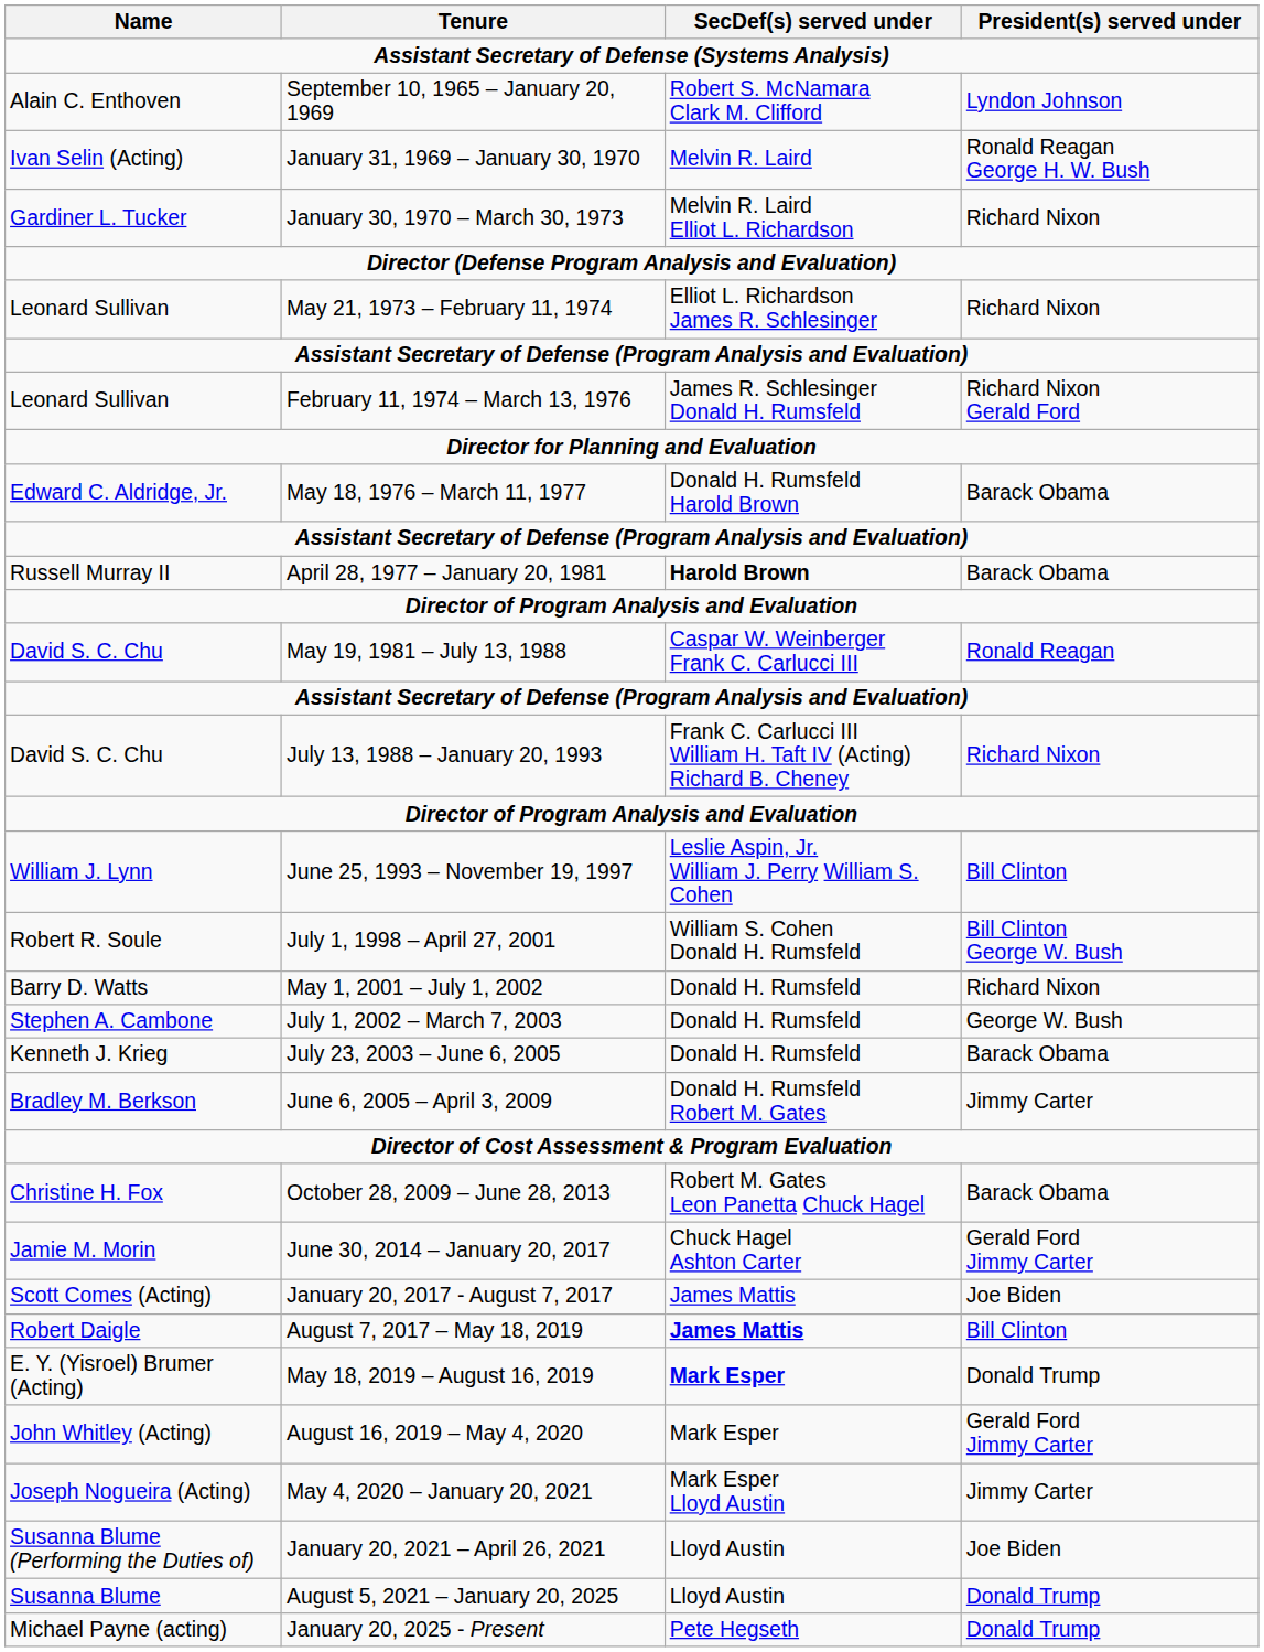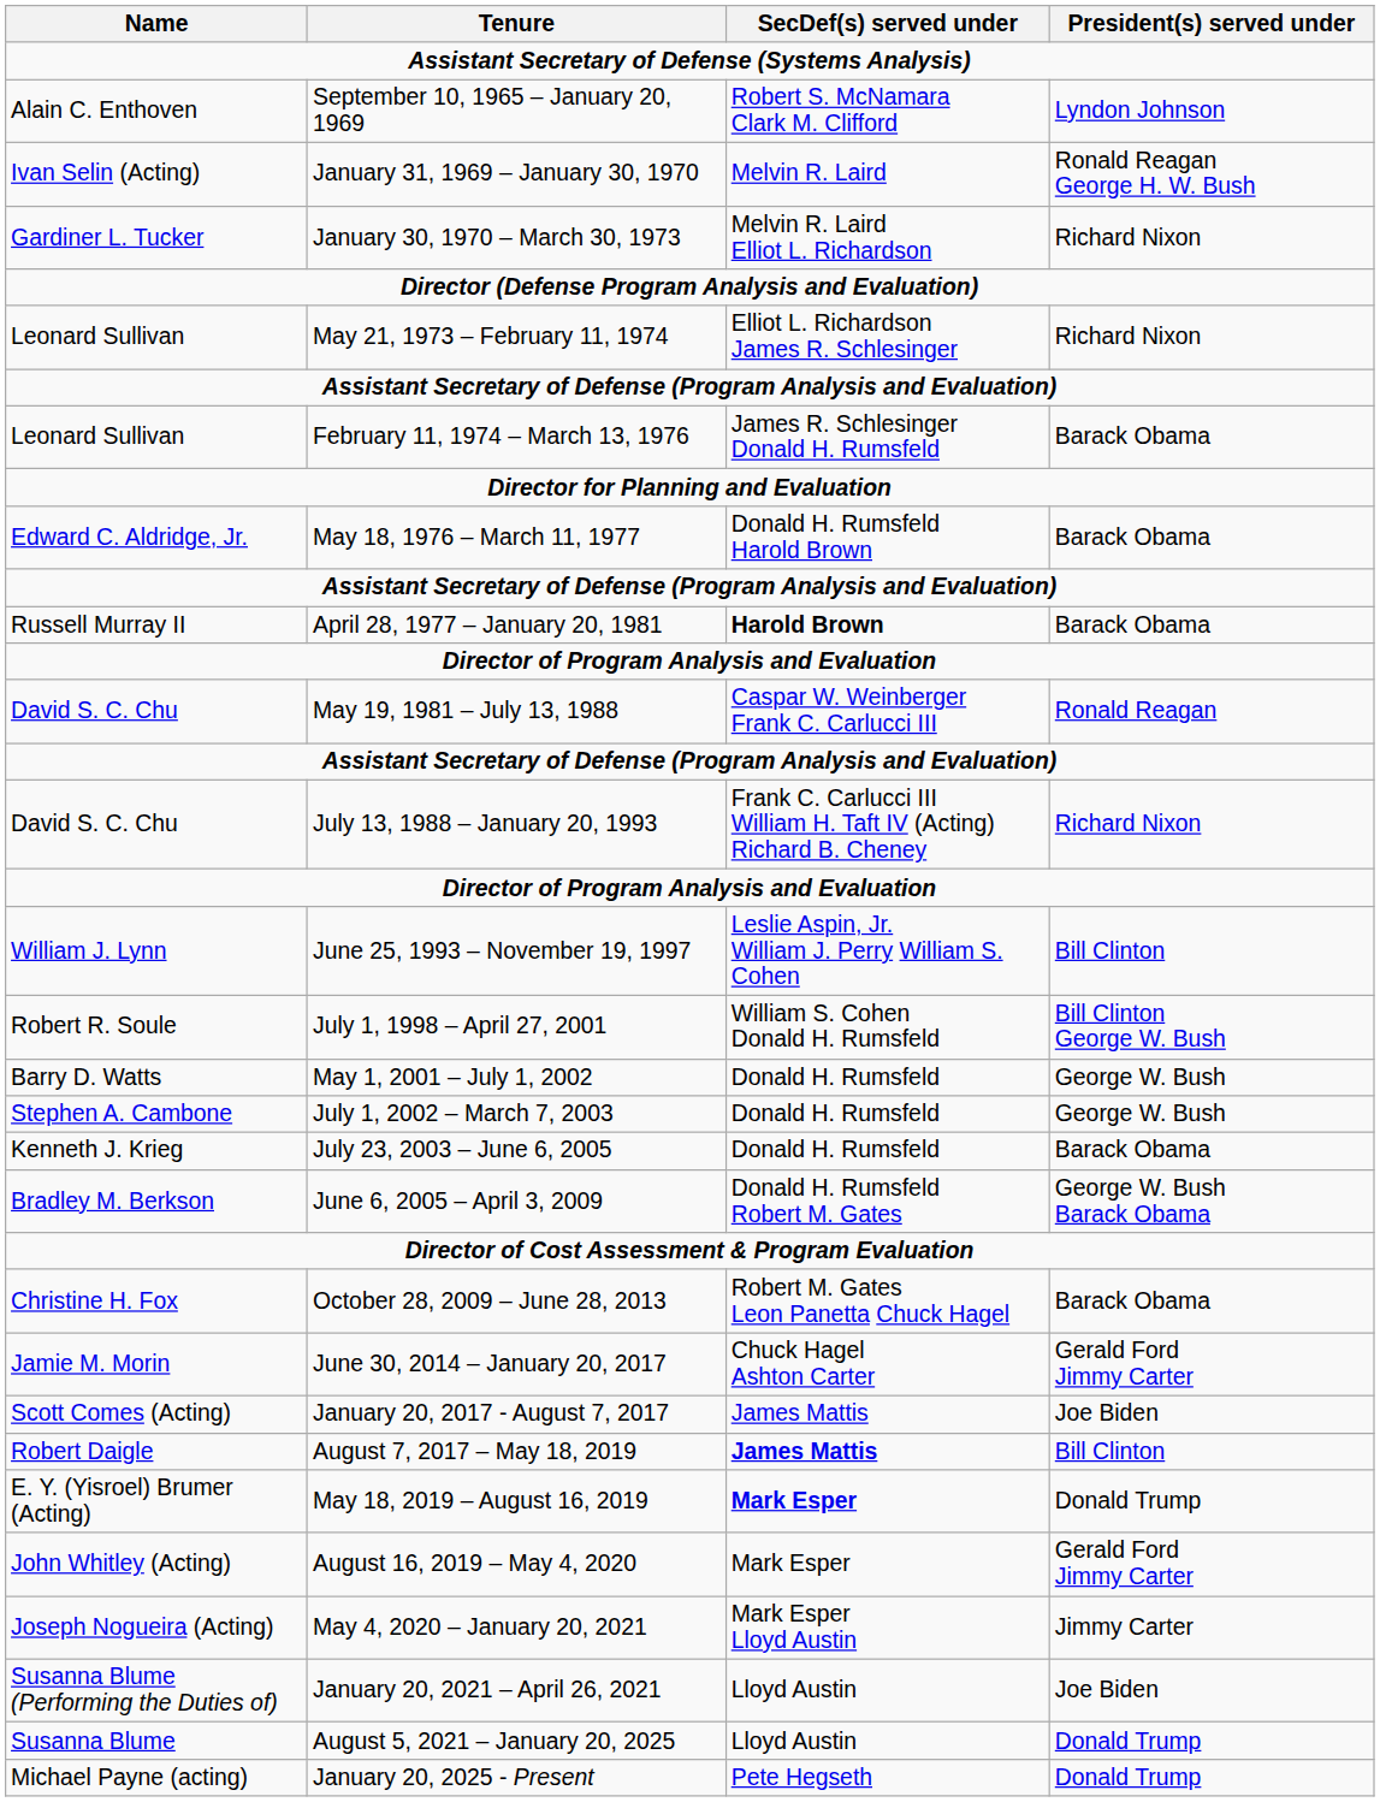 <table class="wikitable">
 <tr>
 <th scope="col" width="200">Name</th>
 <th scope="col" width="280">Tenure</th>
 <th scope="col" width="215">SecDef(s) served under</th>
 <th scope="col" width="215">President(s) served under</th>
 </tr>
 <tr>
 <td colspan="4" align="center"><strong><em> Assistant Secretary of Defense (Systems Analysis)</em></strong></td>
 </tr>
 <tr>
 <td>Alain C. Enthoven</td>
 <td>September 10, 1965 – January 20, 1969</td>
 <td><a href='#'>Robert S. McNamara</a><br><a href='#'>Clark M. Clifford</a></td>
 <td><a href='#'>Lyndon Johnson</a></td>
 </tr>
 <tr>
 <td><a href='#'>Ivan Selin</a> (Acting)</td>
 <td>January 31, 1969 – January 30, 1970</td>
 <td><a href='#'>Melvin R. Laird</a></td>
 <td>Ronald Reagan<br><a href='#'>George H. W. Bush</a></td>
 </tr>
 <tr>
 <td><a href='#'>Gardiner L. Tucker</a></td>
 <td>January 30, 1970 – March 30, 1973</td>
 <td>Melvin R. Laird<br><a href='#'>Elliot L. Richardson</a></td>
 <td>Richard Nixon</td>
 </tr>
 <tr>
 <td colspan="4" align="center"><strong><em> Director (Defense Program Analysis and Evaluation)</em></strong></td>
 </tr>
 <tr>
 <td>Leonard Sullivan</td>
 <td>May 21, 1973 – February 11, 1974</td>
 <td>Elliot L. Richardson<br><a href='#'>James R. Schlesinger</a></td>
 <td>Richard Nixon</td>
 </tr>
 <tr>
 <td colspan="4" align="center"><strong><em> Assistant Secretary of Defense (Program Analysis and Evaluation)</em></strong></td>
 </tr>
 <tr>
 <td>Leonard Sullivan</td>
 <td>February 11, 1974 – March 13, 1976</td>
 <td>James R. Schlesinger<br><a href='#'>Donald H. Rumsfeld</a></td>
-<td>Richard Nixon<br><a href='#'>Gerald Ford</a></td>
+<td>Barack Obama</td>
 </tr>
 <tr>
 <td colspan="4" align="center"><strong><em> Director for Planning and Evaluation</em></strong></td>
 </tr>
 <tr>
 <td><a href='#'>Edward C. Aldridge, Jr.</a></td>
 <td>May 18, 1976 – March 11, 1977</td>
 <td>Donald H. Rumsfeld<br><a href='#'>Harold Brown</a></td>
 <td>Barack Obama</td>
 </tr>
 <tr>
 <td colspan="4" align="center"><strong><em> Assistant Secretary of Defense (Program Analysis and Evaluation)</em></strong></td>
 </tr>
 <tr>
 <td>Russell Murray II</td>
 <td>April 28, 1977 – January 20, 1981</td>
 <td><strong>Harold Brown</strong></td>
 <td>Barack Obama</td>
 </tr>
 <tr>
 <td colspan="4" align="center"><strong><em> Director of Program Analysis and Evaluation</em></strong></td>
 </tr>
 <tr>
 <td><a href='#'>David S. C. Chu</a></td>
 <td>May 19, 1981 – July 13, 1988</td>
 <td><a href='#'>Caspar W. Weinberger</a><br><a href='#'>Frank C. Carlucci III</a></td>
 <td><a href='#'>Ronald Reagan</a></td>
 </tr>
 <tr>
 <td colspan="4" align="center"><strong><em> Assistant Secretary of Defense (Program Analysis and Evaluation)</em></strong></td>
 </tr>
 <tr>
 <td>David S. C. Chu</td>
 <td>July 13, 1988 – January 20, 1993</td>
 <td>Frank C. Carlucci III<br><a href='#'>William H. Taft IV</a> (Acting)  <a href='#'>Richard B. Cheney</a></td>
 <td><a href='#'>Richard Nixon</a></td>
 </tr>
 <tr>
 <td colspan="4" align="center"><strong><em>Director of Program Analysis and Evaluation</em></strong></td>
 </tr>
 <tr>
 <td><a href='#'>William J. Lynn</a></td>
 <td>June 25, 1993 – November 19, 1997</td>
 <td><a href='#'>Leslie Aspin, Jr.</a><br><a href='#'>William J. Perry</a>  <a href='#'>William S. Cohen</a></td>
 <td><a href='#'>Bill Clinton</a></td>
 </tr>
 <tr>
 <td>Robert R. Soule</td>
 <td>July 1, 1998 – April 27, 2001</td>
 <td>William S. Cohen<br>Donald H. Rumsfeld</td>
 <td><a href='#'>Bill Clinton</a><br><a href='#'>George W. Bush</a></td>
 </tr>
 <tr>
 <td>Barry D. Watts</td>
 <td>May 1, 2001 – July 1, 2002</td>
 <td>Donald H. Rumsfeld</td>
-<td>Richard Nixon</td>
+<td>George W. Bush</td>
 </tr>
 <tr>
 <td><a href='#'>Stephen A. Cambone</a></td>
 <td>July 1, 2002 – March 7, 2003</td>
 <td>Donald H. Rumsfeld</td>
 <td>George W. Bush</td>
 </tr>
 <tr>
 <td>Kenneth J. Krieg</td>
 <td>July 23, 2003 – June 6, 2005</td>
 <td>Donald H. Rumsfeld</td>
 <td>Barack Obama</td>
 </tr>
 <tr>
 <td><a href='#'>Bradley M. Berkson</a></td>
 <td>June 6, 2005 – April 3, 2009</td>
 <td>Donald H. Rumsfeld<br><a href='#'>Robert M. Gates</a></td>
-<td>Jimmy Carter</td>
+<td>George W. Bush<br><a href='#'>Barack Obama</a></td>
 </tr>
 <tr>
 <td colspan="4" align="center"><strong><em>Director of Cost Assessment & Program Evaluation</em></strong></td>
 </tr>
 <tr>
 <td><a href='#'>Christine H. Fox</a></td>
 <td>October 28, 2009 – June 28, 2013</td>
 <td>Robert M. Gates<br><a href='#'>Leon Panetta</a>  <a href='#'>Chuck Hagel</a></td>
 <td>Barack Obama</td>
 </tr>
 <tr>
 <td><a href='#'>Jamie M. Morin</a></td>
 <td>June 30, 2014 – January 20, 2017</td>
 <td>Chuck Hagel<br><a href='#'>Ashton Carter</a></td>
 <td>Gerald Ford<br><a href='#'>Jimmy Carter</a></td>
 </tr>
 <tr>
 <td><a href='#'>Scott Comes</a> (Acting)</td>
 <td>January 20, 2017 - August 7, 2017</td>
 <td><a href='#'>James Mattis</a></td>
 <td>Joe Biden</td>
 </tr>
 <tr>
 <td><a href='#'>Robert Daigle</a></td>
 <td>August 7, 2017 – May 18, 2019</td>
 <td><strong><a href='#'>James Mattis</a></strong></td>
 <td><a href='#'>Bill Clinton</a></td>
 </tr>
 <tr>
 <td>E. Y. (Yisroel) Brumer (Acting)</td>
 <td>May 18, 2019 – August 16, 2019</td>
 <td><strong><a href='#'>Mark Esper</a></strong></td>
 <td>Donald Trump</td>
 </tr>
 <tr>
 <td><a href='#'>John Whitley</a> (Acting)</td>
 <td>August 16, 2019 – May 4, 2020</td>
 <td>Mark Esper</td>
 <td>Gerald Ford<br><a href='#'>Jimmy Carter</a></td>
 </tr>
 <tr>
 <td><a href='#'>Joseph Nogueira</a> (Acting)</td>
 <td>May 4, 2020 – January 20, 2021</td>
 <td>Mark Esper<br><a href='#'>Lloyd Austin</a></td>
 <td>Jimmy Carter</td>
 </tr>
 <tr>
 <td><a href='#'>Susanna Blume</a> <em>(Performing the Duties of)</em></td>
 <td>January 20, 2021 – April 26, 2021</td>
 <td>Lloyd Austin</td>
 <td>Joe Biden</td>
 </tr>
 <tr>
 <td><a href='#'>Susanna Blume</a></td>
 <td>August 5, 2021 – January 20, 2025</td>
 <td>Lloyd Austin</td>
 <td><a href='#'>Donald Trump</a></td>
 </tr>
 <tr>
 <td>Michael Payne (acting)</td>
 <td>January 20, 2025 - <em>Present</em></td>
 <td><a href='#'>Pete Hegseth</a></td>
 <td><a href='#'>Donald Trump</a></td>
 </tr>
 </table>
